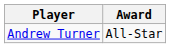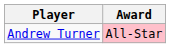 <table class="wikitable">
 <tr>
 <th>Player</th>
 <th>Award</th>
 </tr>
 <tr>
 <td><a href='#'>Andrew Turner</a></td>
-<td>All-Star</td>
+<td style="background: pink;">All-Star</td>
 </tr>
 </table>
